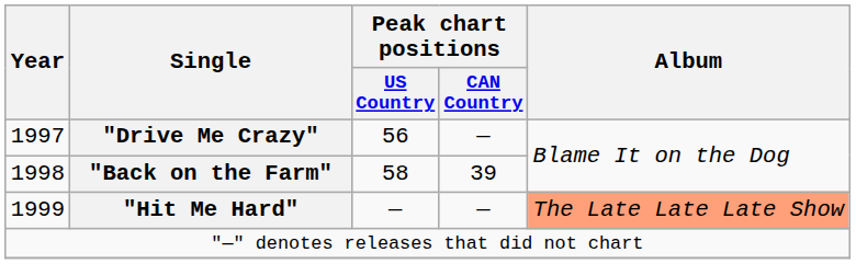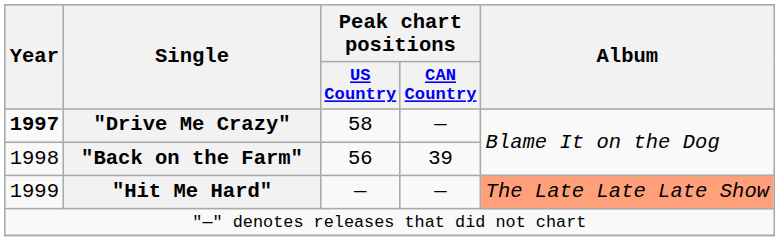 <table class="wikitable plainrowheaders" style="text-align:center;">
 <tr>
 <th rowspan="2">Year</th>
 <th rowspan="2" style="width:12em;">Single</th>
 <th colspan="2">Peak chart<br>positions</th>
 <th rowspan="2">Album</th>
 </tr>
 <tr style="font-size:smaller;">
 <th width="45"><a href='#'>US Country</a></th>
 <th width="45"><a href='#'>CAN Country</a></th>
 </tr>
 <tr>
-<td>1997</td>
+<td><strong>1997</strong></td>
 <th scope="row">"Drive Me Crazy"</th>
-<td>56</td>
+<td>58</td>
 <td>—</td>
 <td align="left" rowspan="2"><em>Blame It on the Dog</em></td>
 </tr>
 <tr>
 <td>1998</td>
 <th scope="row">"Back on the Farm"</th>
-<td>58</td>
+<td>56</td>
 <td>39</td>
 </tr>
 <tr>
 <td>1999</td>
 <th scope="row">"Hit Me Hard"</th>
 <td>—</td>
 <td>—</td>
 <td align="left" style="background: lightsalmon;"><em>The Late Late Late Show</em></td>
 </tr>
 <tr>
 <td colspan="5" style="font-size:8pt">"—" denotes releases that did not chart</td>
 </tr>
 <tr>
 </tr>
 </table>
